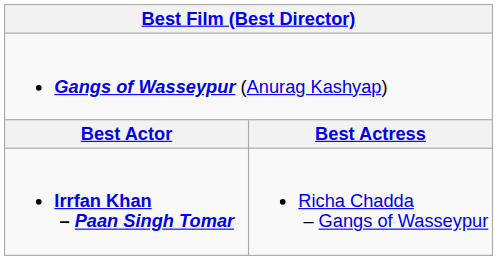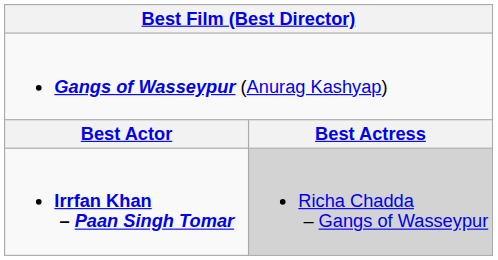 <table class="wikitable">
 <tr>
 <th colspan=2><a href='#'>Best Film (Best Director)</a></th>
 </tr>
 <tr>
 <td colspan=2><br><ul><li><strong><em><a href='#'>Gangs of Wasseypur</a></em></strong> (<a href='#'>Anurag Kashyap</a>)</li></ul></td>
 </tr>
 <tr>
 <th style="vertical-align:top; width:50%;"><a href='#'>Best Actor</a></th>
 <th style="vertical-align:top; width:50%;"><a href='#'>Best Actress</a></th>
 </tr>
 <tr>
 <td><br><ul><li><strong><a href='#'>Irrfan Khan</a><br> – <em><a href='#'>Paan Singh Tomar</a><strong><em></li></ul></td>
-<td><br><ul><li></strong><a href='#'>Richa Chadda</a><br> – </em><a href='#'>Gangs of Wasseypur</a></em></strong></li></ul></td>
+<td style="background: lightgrey;"><br><ul><li></strong><a href='#'>Richa Chadda</a><br> – </em><a href='#'>Gangs of Wasseypur</a></em></strong></li></ul></td>
 </tr>
 </table>
